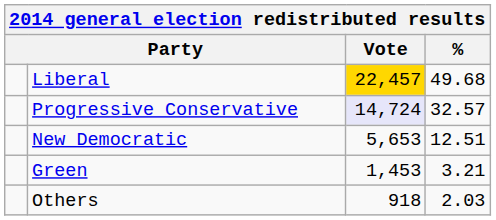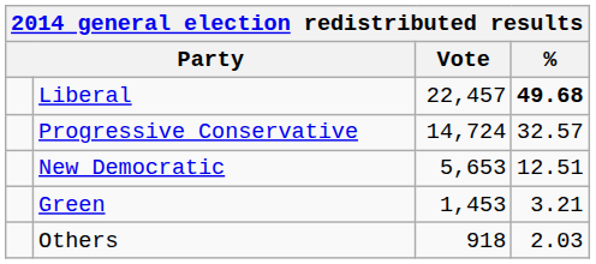 <table class="wikitable">
 <tr>
 <th colspan="4"><a href='#'>2014 general election</a> redistributed results</th>
 </tr>
 <tr>
 <th bgcolor="#DDDDFF" width="130px" colspan="2">Party</th>
 <th bgcolor="#DDDDFF" width="50px">Vote</th>
 <th bgcolor="#DDDDFF" width="30px">%</th>
 </tr>
 <tr>
 <td> </td>
 <td><a href='#'>Liberal</a></td>
-<td align=right style="background: gold;">22,457</td>
-<td align=right>49.68</td>
+<td align=right>22,457</td>
+<td align=right><strong>49.68</strong></td>
 </tr>
 <tr>
 <td> </td>
 <td><a href='#'>Progressive Conservative</a></td>
-<td align=right style="background: lavender;">14,724</td>
+<td align=right>14,724</td>
 <td align=right>32.57</td>
 </tr>
 <tr>
 <td> </td>
 <td><a href='#'>New Democratic</a></td>
 <td align=right>5,653</td>
 <td align=right>12.51</td>
 </tr>
 <tr>
 <td> </td>
 <td><a href='#'>Green</a></td>
 <td align=right>1,453</td>
 <td align=right>3.21</td>
 </tr>
 <tr>
 <td> </td>
 <td>Others</td>
 <td align=right>918</td>
 <td align=right>2.03</td>
 </tr>
 </table>
